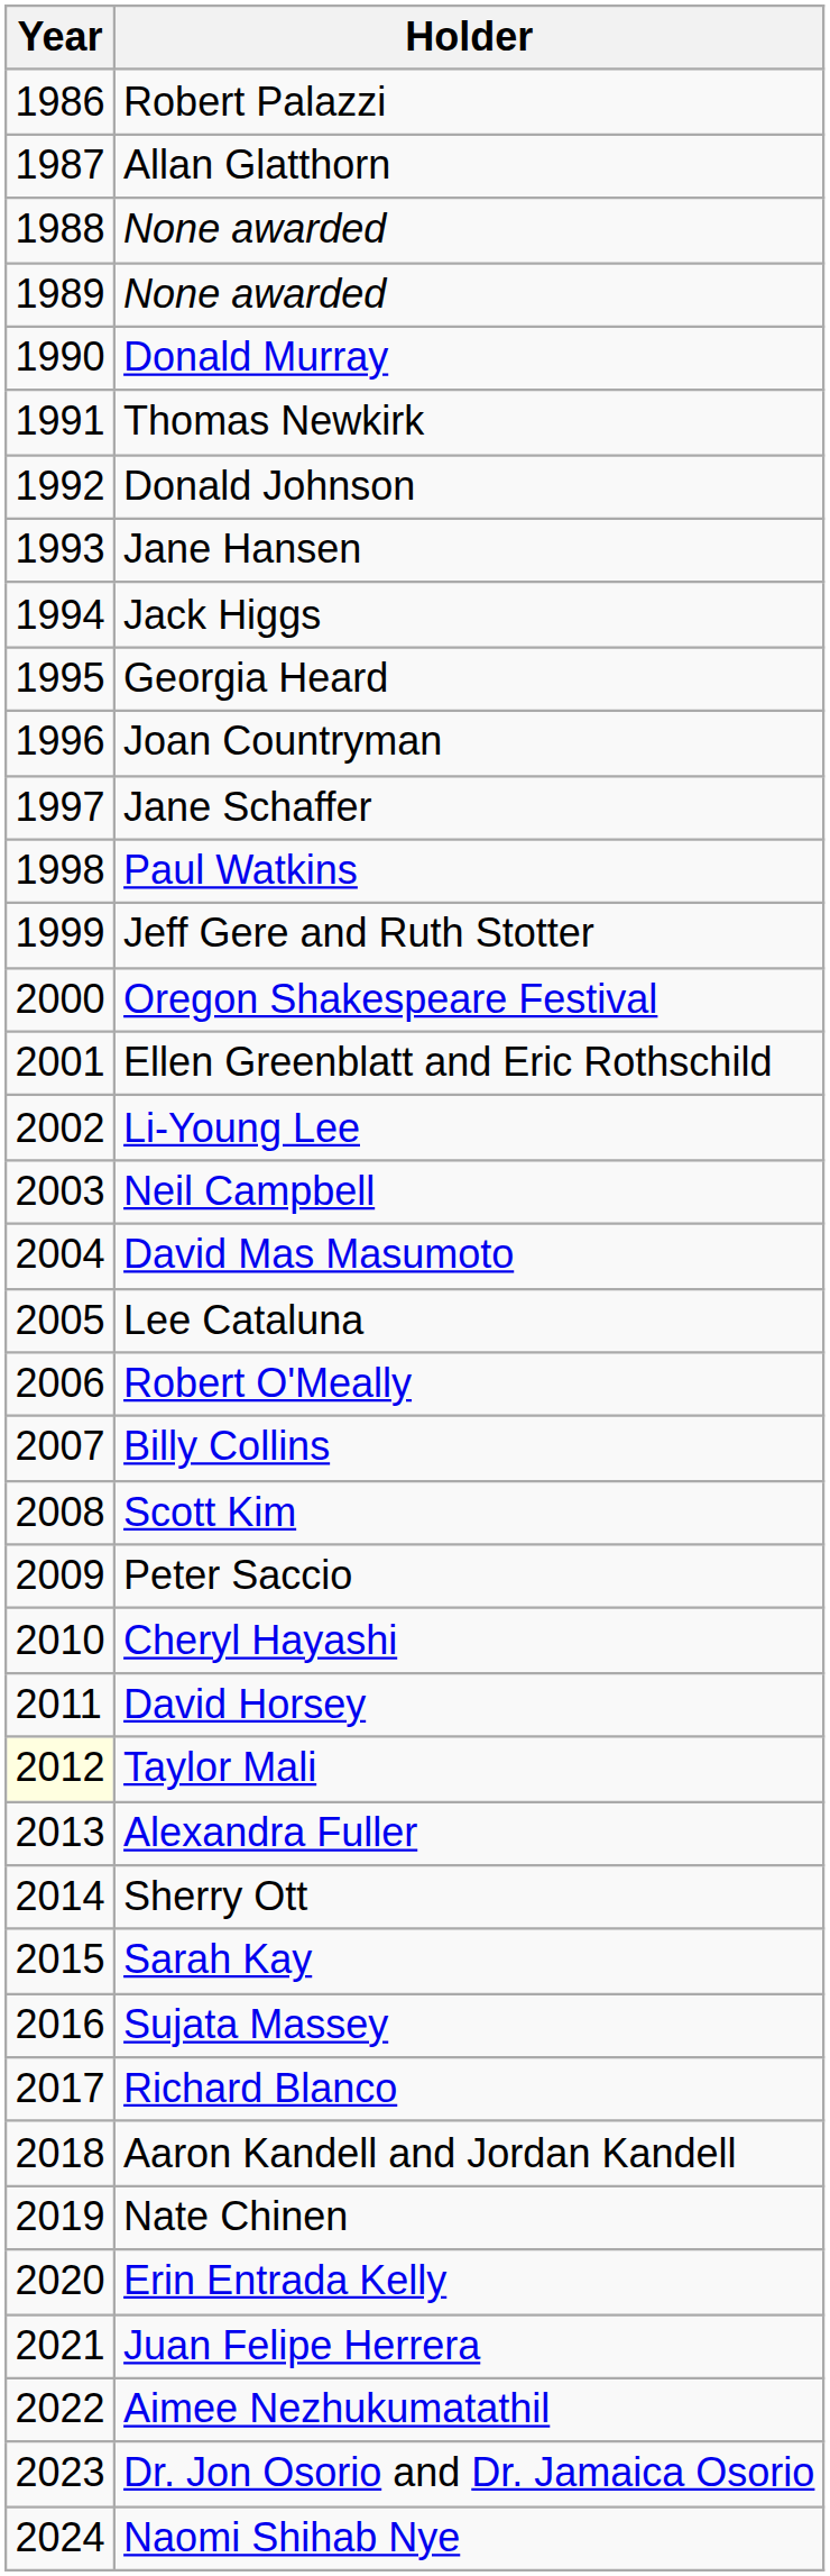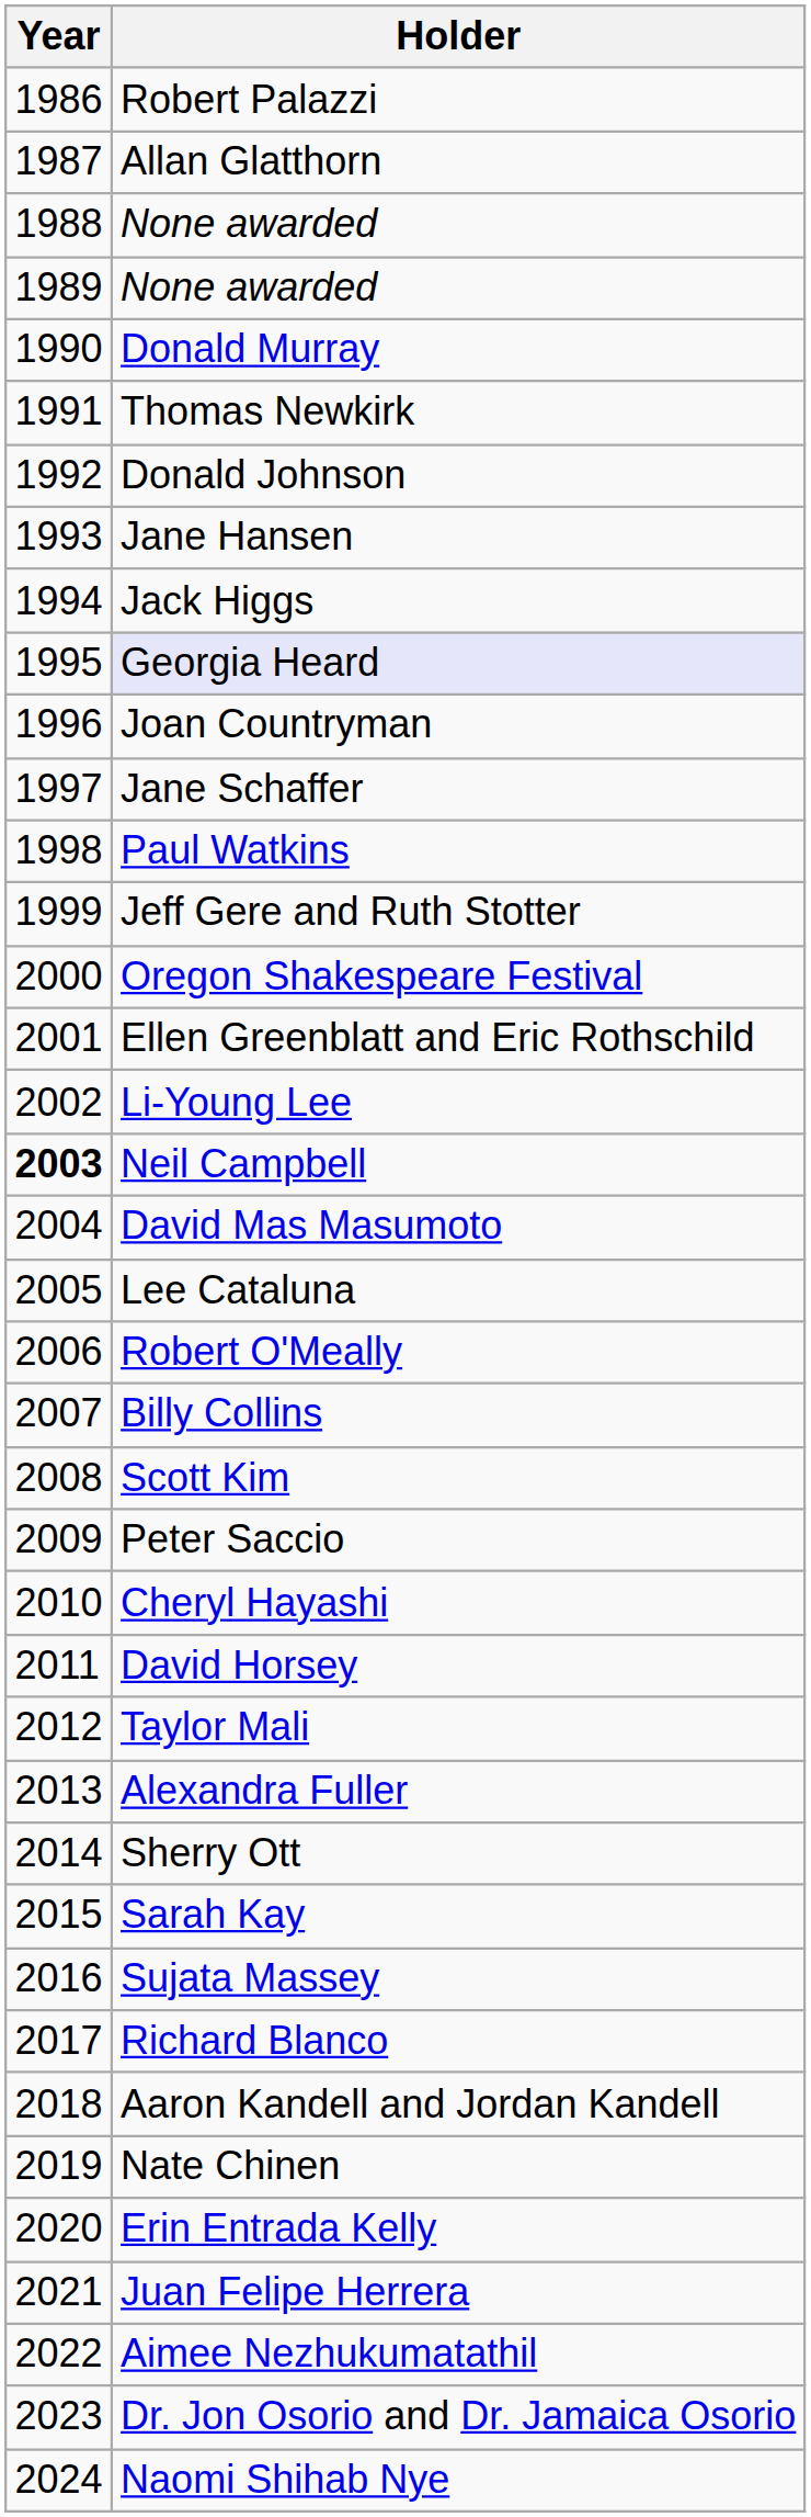 <table class="wikitable">
 <tr>
 <th>Year</th>
 <th>Holder</th>
 </tr>
 <tr>
 <td>1986</td>
 <td>Robert Palazzi</td>
 </tr>
 <tr>
 <td>1987</td>
 <td>Allan Glatthorn</td>
 </tr>
 <tr>
 <td>1988</td>
 <td><em>None awarded</em></td>
 </tr>
 <tr>
 <td>1989</td>
 <td><em>None awarded</em></td>
 </tr>
 <tr>
 <td>1990</td>
 <td><a href='#'>Donald Murray</a></td>
 </tr>
 <tr>
 <td>1991</td>
 <td>Thomas Newkirk</td>
 </tr>
 <tr>
 <td>1992</td>
 <td>Donald Johnson</td>
 </tr>
 <tr>
 <td>1993</td>
 <td>Jane Hansen</td>
 </tr>
 <tr>
 <td>1994</td>
 <td>Jack Higgs</td>
 </tr>
 <tr>
 <td>1995</td>
-<td>Georgia Heard</td>
+<td style="background: lavender;">Georgia Heard</td>
 </tr>
 <tr>
 <td>1996</td>
 <td>Joan Countryman</td>
 </tr>
 <tr>
 <td>1997</td>
 <td>Jane Schaffer</td>
 </tr>
 <tr>
 <td>1998</td>
 <td><a href='#'>Paul Watkins</a></td>
 </tr>
 <tr>
 <td>1999</td>
 <td>Jeff Gere and Ruth Stotter</td>
 </tr>
 <tr>
 <td>2000</td>
 <td><a href='#'>Oregon Shakespeare Festival</a></td>
 </tr>
 <tr>
 <td>2001</td>
 <td>Ellen Greenblatt and Eric Rothschild</td>
 </tr>
 <tr>
 <td>2002</td>
 <td><a href='#'>Li-Young Lee</a></td>
 </tr>
 <tr>
-<td>2003</td>
+<td><strong>2003</strong></td>
 <td><a href='#'>Neil Campbell</a></td>
 </tr>
 <tr>
 <td>2004</td>
 <td><a href='#'>David Mas Masumoto</a></td>
 </tr>
 <tr>
 <td>2005</td>
 <td>Lee Cataluna</td>
 </tr>
 <tr>
 <td>2006</td>
 <td><a href='#'>Robert O'Meally</a></td>
 </tr>
 <tr>
 <td>2007</td>
 <td><a href='#'>Billy Collins</a></td>
 </tr>
 <tr>
 <td>2008</td>
 <td><a href='#'>Scott Kim</a></td>
 </tr>
 <tr>
 <td>2009</td>
 <td>Peter Saccio</td>
 </tr>
 <tr>
 <td>2010</td>
 <td><a href='#'>Cheryl Hayashi</a></td>
 </tr>
 <tr>
 <td>2011</td>
 <td><a href='#'>David Horsey</a></td>
 </tr>
 <tr>
-<td style="background: lightyellow;">2012</td>
+<td>2012</td>
 <td><a href='#'>Taylor Mali</a></td>
 </tr>
 <tr>
 <td>2013</td>
 <td><a href='#'>Alexandra Fuller</a></td>
 </tr>
 <tr>
 <td>2014</td>
 <td>Sherry Ott</td>
 </tr>
 <tr>
 <td>2015</td>
 <td><a href='#'>Sarah Kay</a></td>
 </tr>
 <tr>
 <td>2016</td>
 <td><a href='#'>Sujata Massey</a></td>
 </tr>
 <tr>
 <td>2017</td>
 <td><a href='#'>Richard Blanco</a></td>
 </tr>
 <tr>
 <td>2018</td>
 <td>Aaron Kandell and Jordan Kandell</td>
 </tr>
 <tr>
 <td>2019</td>
 <td>Nate Chinen</td>
 </tr>
 <tr>
 <td>2020</td>
 <td><a href='#'>Erin Entrada Kelly</a></td>
 </tr>
 <tr>
 <td>2021</td>
 <td><a href='#'>Juan Felipe Herrera</a></td>
 </tr>
 <tr>
 <td>2022</td>
 <td><a href='#'>Aimee Nezhukumatathil</a></td>
 </tr>
 <tr>
 <td>2023</td>
 <td><a href='#'>Dr. Jon Osorio</a> and <a href='#'>Dr. Jamaica Osorio</a></td>
 </tr>
 <tr>
 <td>2024</td>
 <td><a href='#'>Naomi Shihab Nye</a></td>
 </tr>
 </table>
